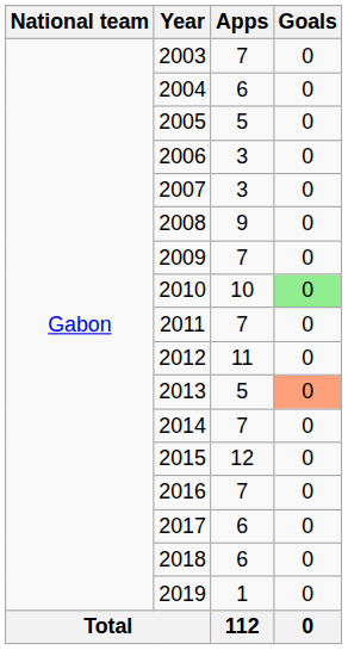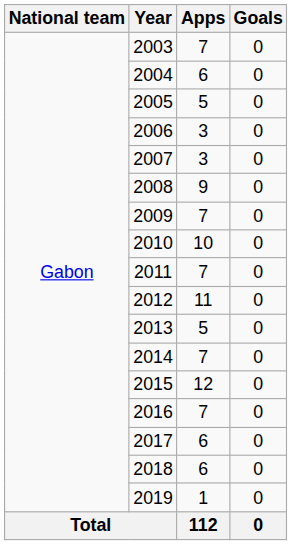 <table class="wikitable" style="text-align:center">
 <tr>
 <th>National team</th>
 <th>Year</th>
 <th>Apps</th>
 <th>Goals</th>
 </tr>
 <tr>
 <td rowspan="17"><a href='#'>Gabon</a></td>
 <td>2003</td>
 <td>7</td>
 <td>0</td>
 </tr>
 <tr>
 <td>2004</td>
 <td>6</td>
 <td>0</td>
 </tr>
 <tr>
 <td>2005</td>
 <td>5</td>
 <td>0</td>
 </tr>
 <tr>
 <td>2006</td>
 <td>3</td>
 <td>0</td>
 </tr>
 <tr>
 <td>2007</td>
 <td>3</td>
 <td>0</td>
 </tr>
 <tr>
 <td>2008</td>
 <td>9</td>
 <td>0</td>
 </tr>
 <tr>
 <td>2009</td>
 <td>7</td>
 <td>0</td>
 </tr>
 <tr>
 <td>2010</td>
 <td>10</td>
-<td style="background: lightgreen;">0</td>
+<td>0</td>
 </tr>
 <tr>
 <td>2011</td>
 <td>7</td>
 <td>0</td>
 </tr>
 <tr>
 <td>2012</td>
 <td>11</td>
 <td>0</td>
 </tr>
 <tr>
 <td>2013</td>
 <td>5</td>
-<td style="background: lightsalmon;">0</td>
+<td>0</td>
 </tr>
 <tr>
 <td>2014</td>
 <td>7</td>
 <td>0</td>
 </tr>
 <tr>
 <td>2015</td>
 <td>12</td>
 <td>0</td>
 </tr>
 <tr>
 <td>2016</td>
 <td>7</td>
 <td>0</td>
 </tr>
 <tr>
 <td>2017</td>
 <td>6</td>
 <td>0</td>
 </tr>
 <tr>
 <td>2018</td>
 <td>6</td>
 <td>0</td>
 </tr>
 <tr>
 <td>2019</td>
 <td>1</td>
 <td>0</td>
 </tr>
 <tr>
 <th colspan="2">Total</th>
 <th>112</th>
 <th>0</th>
 </tr>
 </table>
